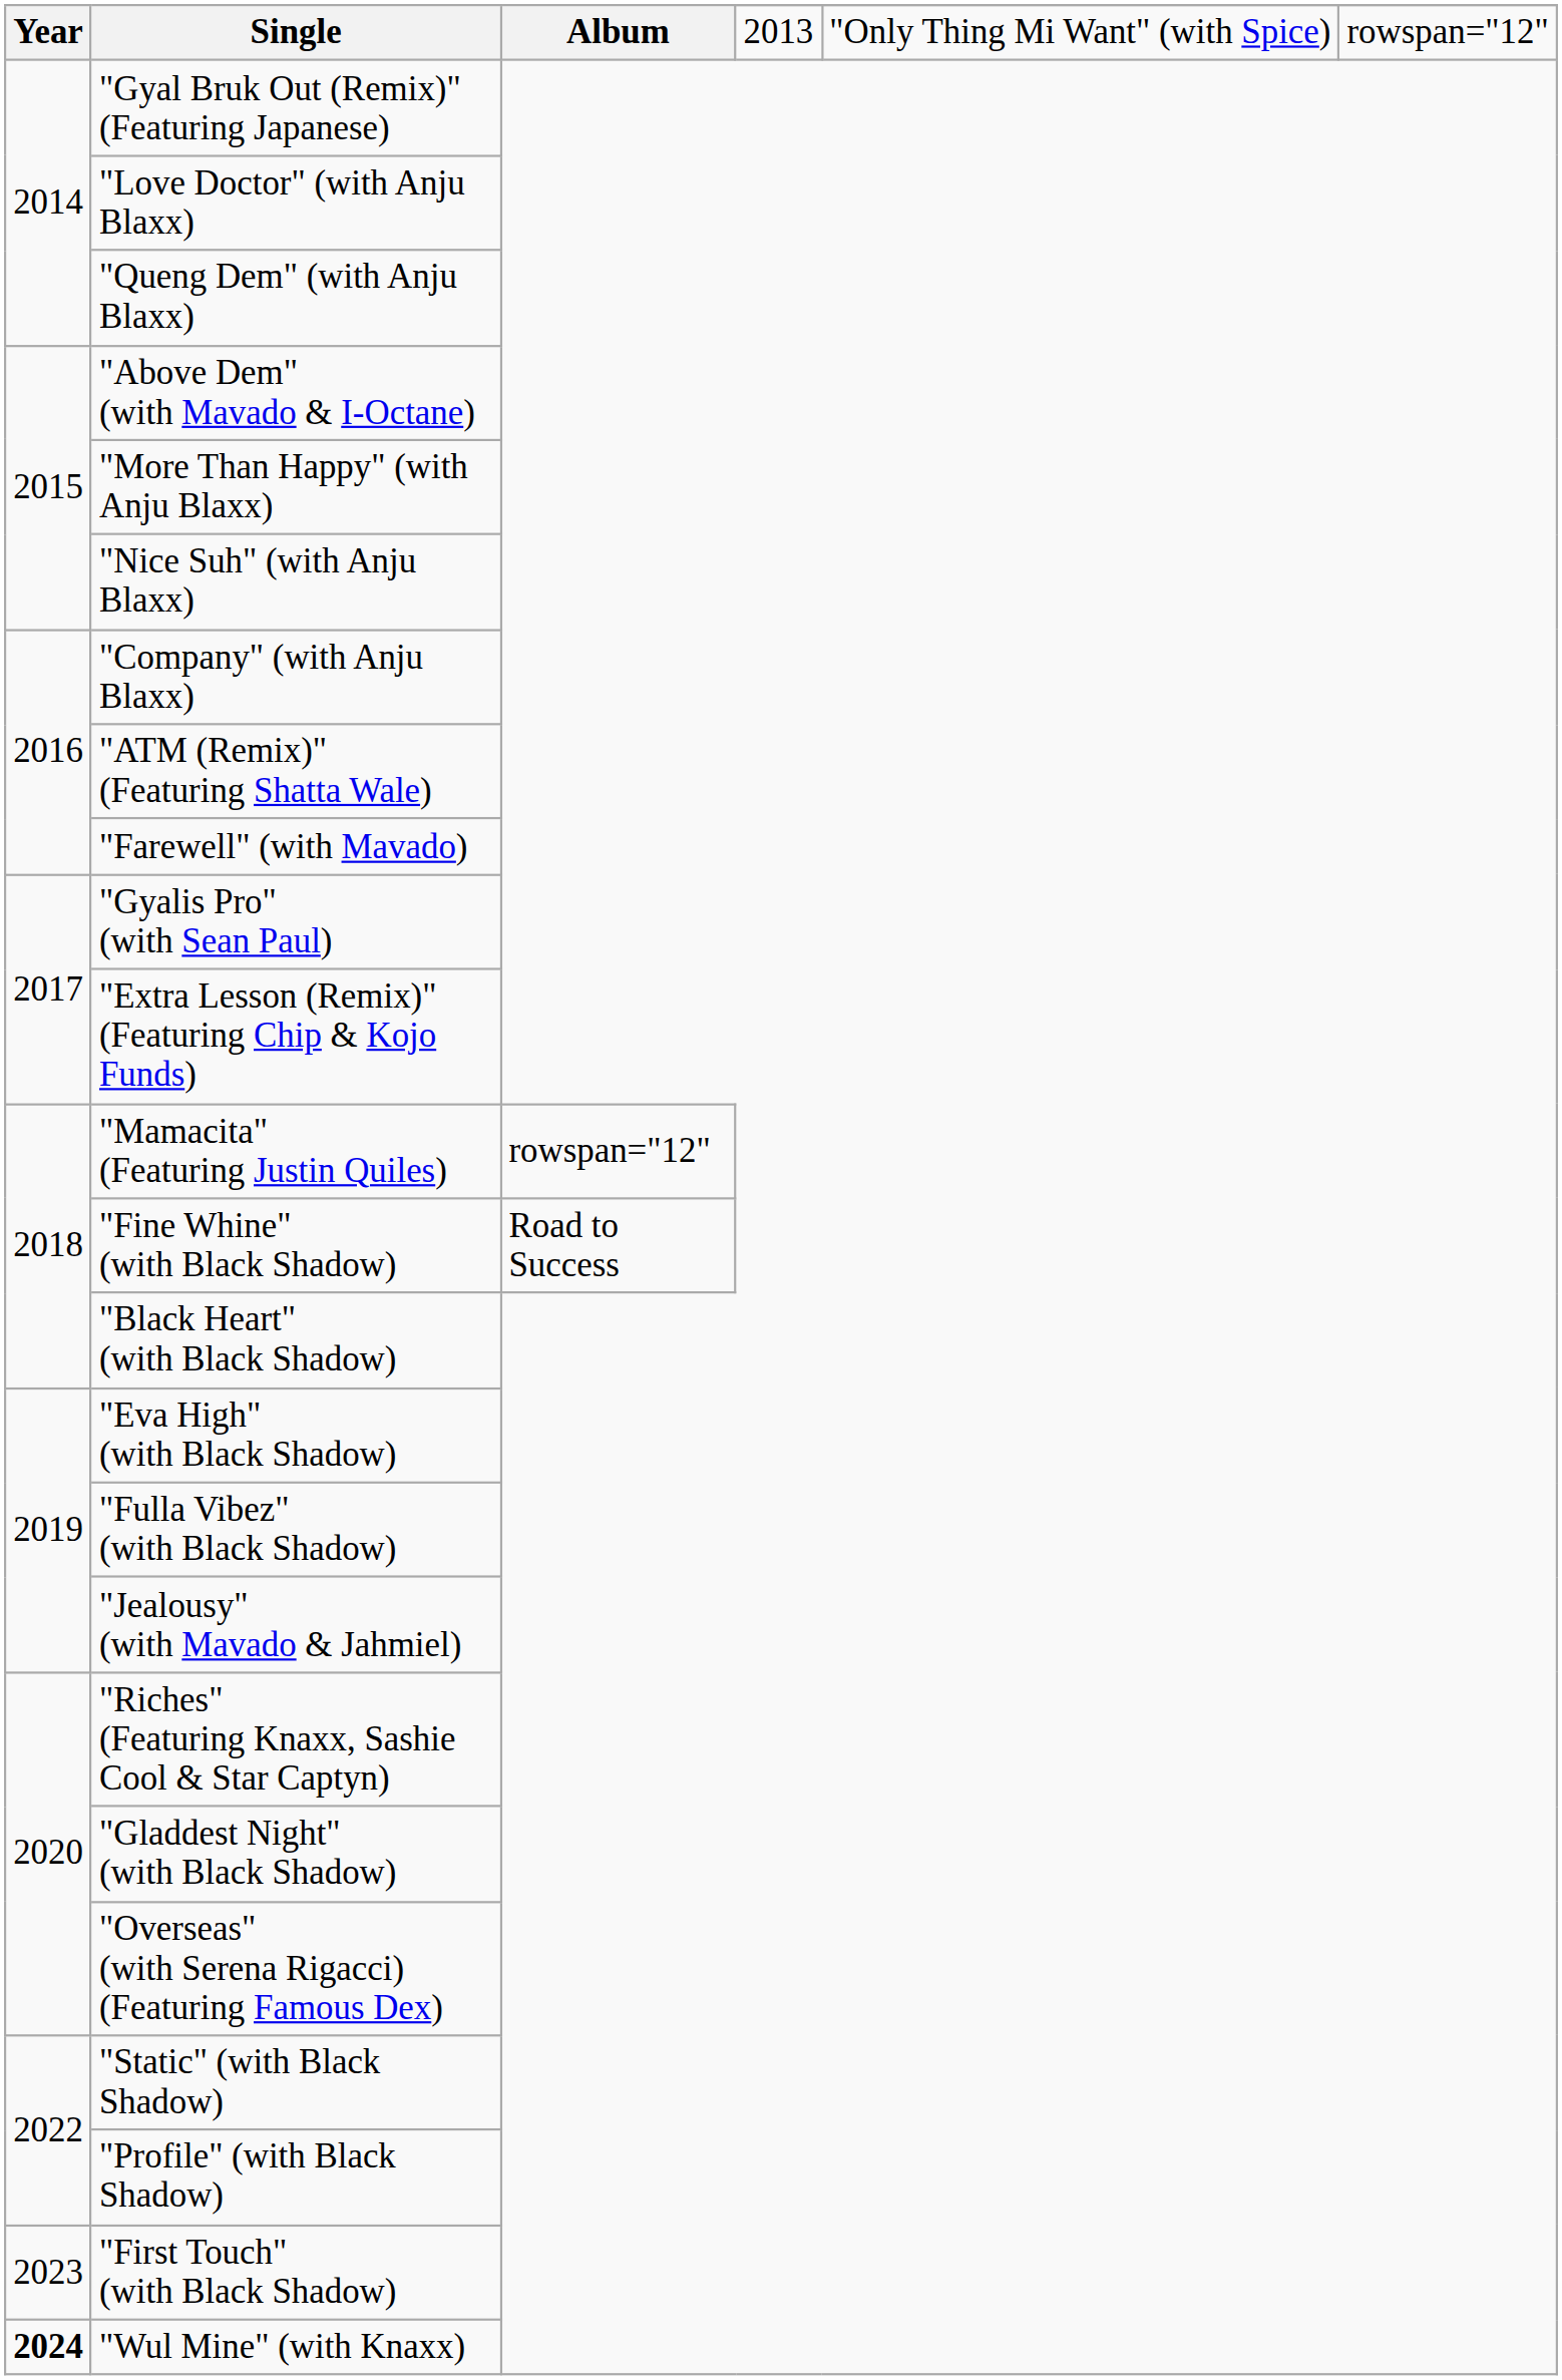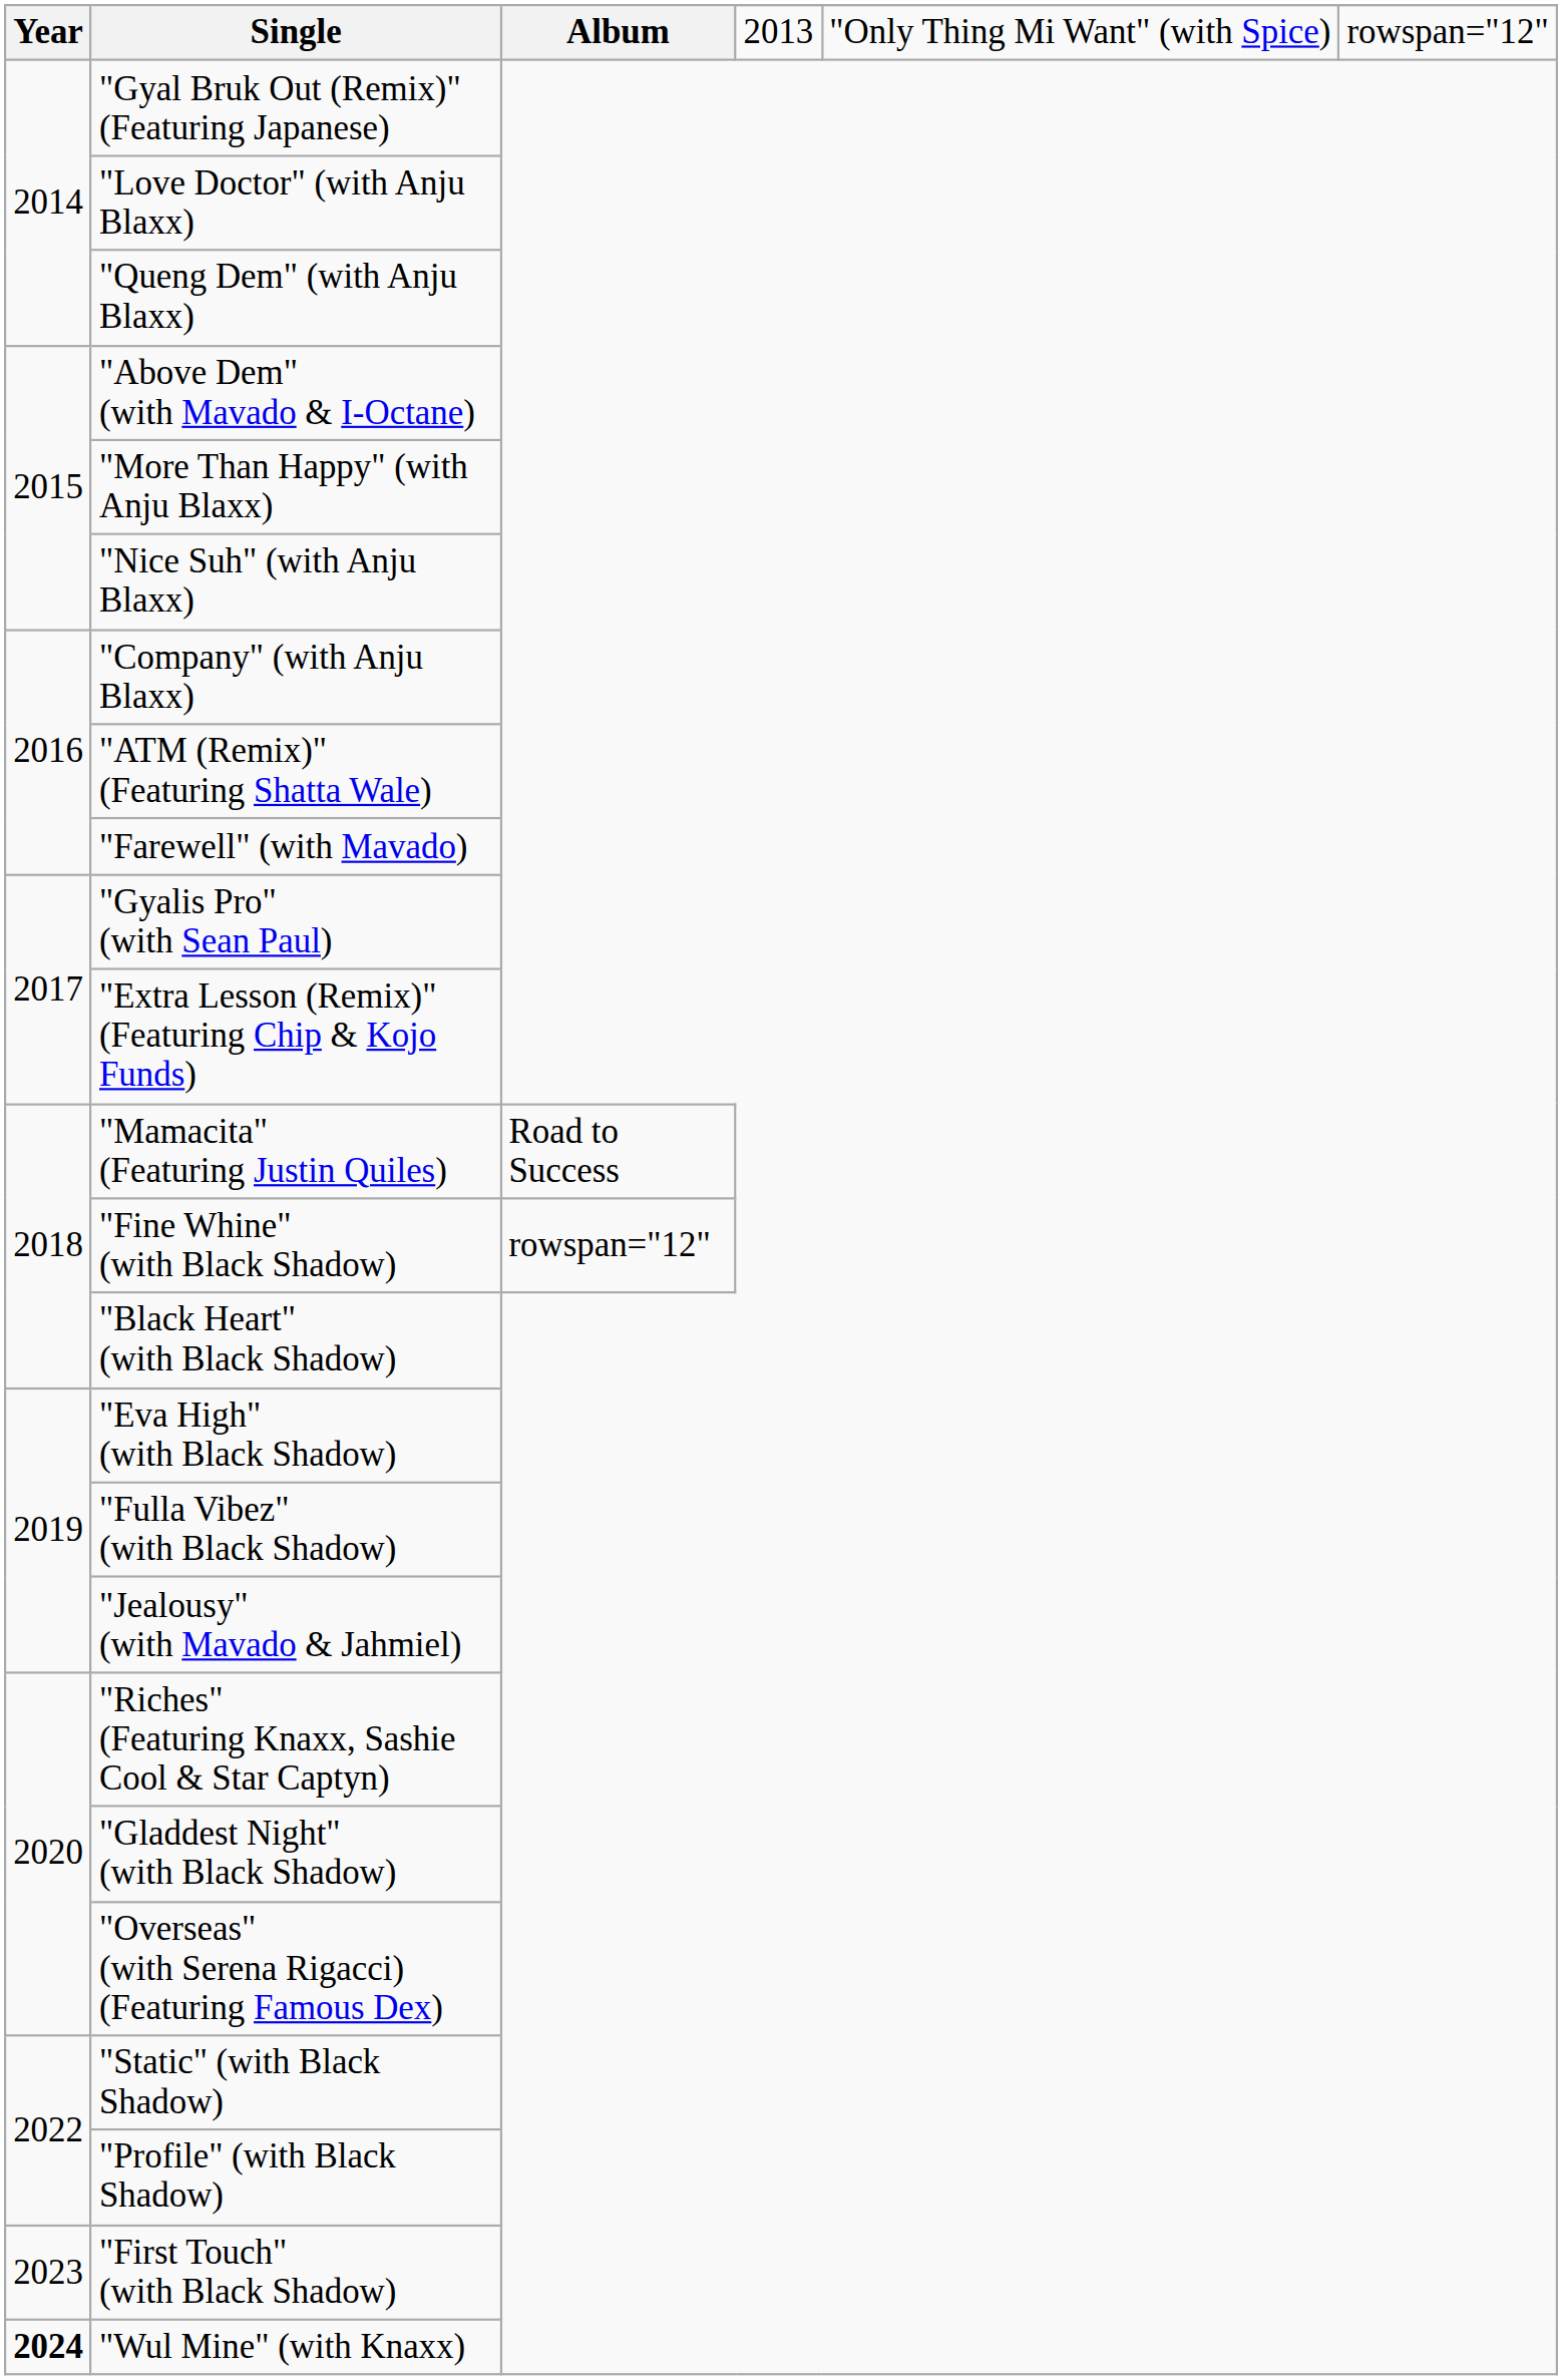 <table class="wikitable sortable">
 <tr>
 <th rowspan="2" align="center" width="10">Year</th>
 <th rowspan="2" align="center" width="180">Single</th>
 <th rowspan="2" align="center" width="100">Album</th>
 </tr>
 <tr>
 <td>2013</td>
 <td>"Only Thing Mi Want" (with <a href='#'>Spice</a>)</td>
 <td>rowspan="12" </td>
 </tr>
 <tr>
 <td rowspan="3">2014</td>
 <td>"Gyal Bruk Out (Remix)" (Featuring Japanese)</td>
 </tr>
 <tr>
 <td>"Love Doctor" (with Anju Blaxx)</td>
 </tr>
 <tr>
 <td>"Queng Dem" (with Anju Blaxx)</td>
 </tr>
 <tr>
 <td rowspan="3">2015</td>
 <td>"Above Dem"<br>(with <a href='#'>Mavado</a> & <a href='#'>I-Octane</a>)</td>
 </tr>
 <tr>
 <td>"More Than Happy" (with Anju Blaxx)</td>
 </tr>
 <tr>
 <td>"Nice Suh" (with Anju Blaxx)</td>
 </tr>
 <tr>
 <td rowspan="3" align="center">2016</td>
 <td>"Company" (with Anju Blaxx)</td>
 </tr>
 <tr>
 <td>"ATM (Remix)"<br>(Featuring <a href='#'>Shatta Wale</a>)</td>
 </tr>
 <tr>
 <td>"Farewell" (with <a href='#'>Mavado</a>)</td>
 </tr>
 <tr>
 <td rowspan="2" align="center">2017</td>
 <td>"Gyalis Pro"<br>(with <a href='#'>Sean Paul</a>)</td>
 </tr>
 <tr>
 <td>"Extra Lesson (Remix)" (Featuring <a href='#'>Chip</a> & <a href='#'>Kojo Funds</a>)</td>
 </tr>
 <tr>
 <td rowspan="3" align="center">2018</td>
 <td>"Mamacita"<br>(Featuring <a href='#'>Justin Quiles</a>)</td>
-<td>rowspan="12" </td>
+<td>Road to Success</td>
 </tr>
 <tr>
 <td>"Fine Whine"<br>(with Black Shadow)</td>
-<td>Road to Success</td>
+<td>rowspan="12" </td>
 </tr>
 <tr>
 <td>"Black Heart"<br>(with Black Shadow)</td>
 </tr>
 <tr>
 <td rowspan="3" align="center">2019</td>
 <td>"Eva High"<br>(with Black Shadow)</td>
 </tr>
 <tr>
 <td>"Fulla Vibez"<br>(with Black Shadow)</td>
 </tr>
 <tr>
 <td>"Jealousy"<br>(with <a href='#'>Mavado</a> & Jahmiel)</td>
 </tr>
 <tr>
 <td rowspan="3" align="center">2020</td>
 <td>"Riches"<br>(Featuring Knaxx, Sashie Cool & Star Captyn)</td>
 </tr>
 <tr>
 <td>"Gladdest Night"<br>(with Black Shadow)</td>
 </tr>
 <tr>
 <td>"Overseas"<br>(with Serena Rigacci) (Featuring <a href='#'>Famous Dex</a>)</td>
 </tr>
 <tr>
 <td rowspan="2" align="center">2022</td>
 <td>"Static" (with Black Shadow)</td>
 </tr>
 <tr>
 <td>"Profile" (with Black Shadow)</td>
 </tr>
 <tr>
 <td>2023</td>
 <td>"First Touch"<br>(with Black Shadow)</td>
 </tr>
 <tr>
 <td><strong>2024</strong></td>
 <td>"Wul Mine" (with Knaxx)</td>
 </tr>
 </table>
